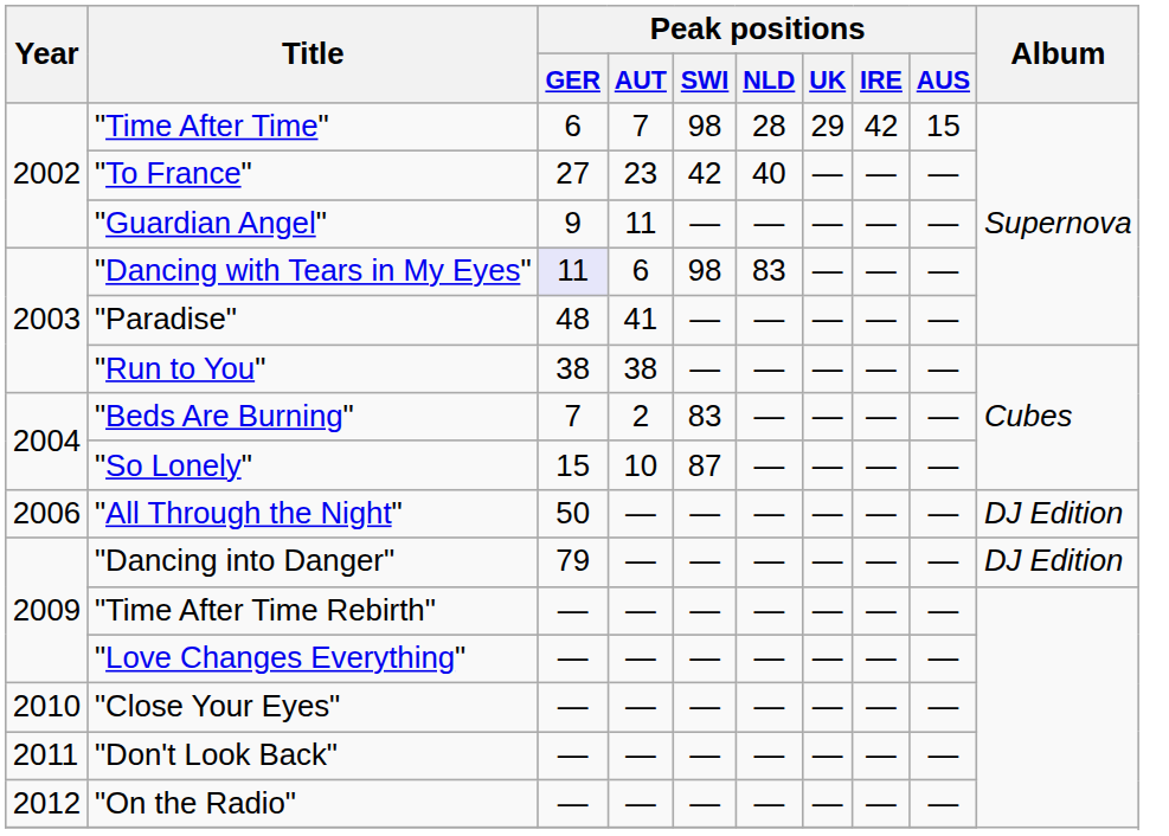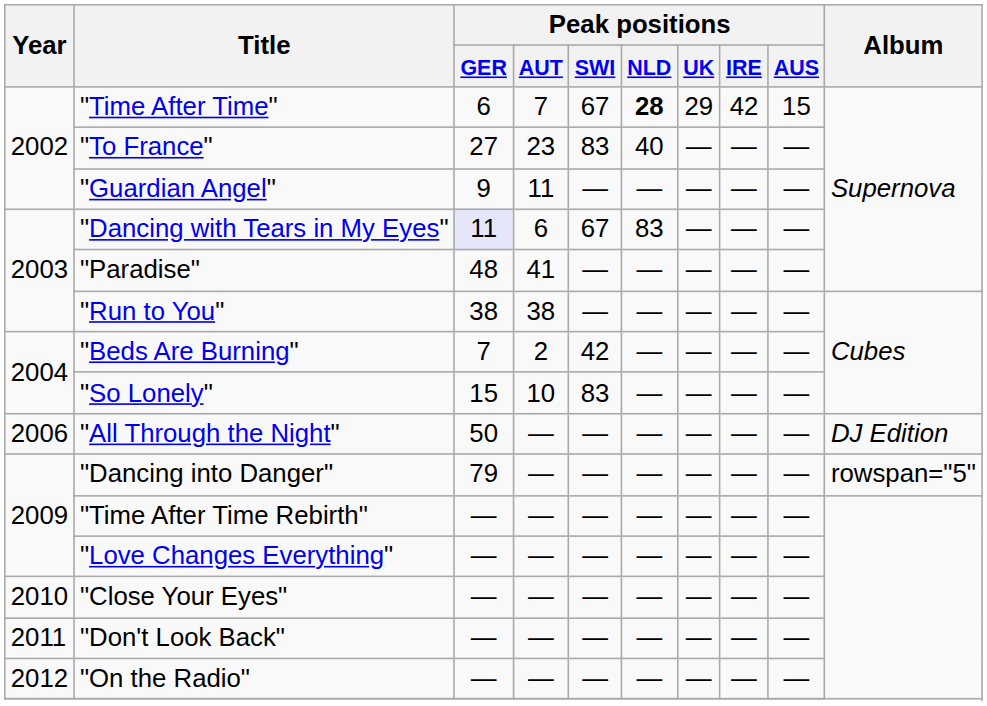 <table class="wikitable">
 <tr>
 <th rowspan="2">Year</th>
 <th rowspan="2">Title</th>
 <th colspan="7">Peak positions</th>
 <th rowspan="2">Album</th>
 </tr>
 <tr>
 <th rowspan="1"><small><a href='#'>GER</a></small><br></th>
 <th rowspan="1"><small><a href='#'>AUT</a></small><br></th>
 <th rowspan="1"><small><a href='#'>SWI</a></small><br></th>
 <th rowspan="1"><small><a href='#'>NLD</a></small><br></th>
 <th rowspan="1"><small><a href='#'>UK</a></small><br></th>
 <th rowspan="1"><small><a href='#'>IRE</a></small><br></th>
 <th rowspan="1"><small><a href='#'>AUS</a></small><br></th>
 </tr>
 <tr>
 <td rowspan="3">2002</td>
 <td>"<a href='#'>Time After Time</a>"</td>
 <td align="center">6</td>
 <td align="center">7</td>
-<td align="center">98</td>
-<td align="center">28</td>
+<td align="center">67</td>
+<td align="center"><strong>28</strong></td>
 <td align="center">29</td>
 <td align="center">42</td>
 <td align="center">15</td>
 <td rowspan="5"><em>Supernova</em></td>
 </tr>
 <tr>
 <td>"<a href='#'>To France</a>"</td>
 <td align="center">27</td>
 <td align="center">23</td>
-<td align="center">42</td>
+<td align="center">83</td>
 <td align="center">40</td>
 <td align="center">—</td>
 <td align="center">—</td>
 <td align="center">—</td>
 </tr>
 <tr>
 <td>"<a href='#'>Guardian Angel</a>"</td>
 <td align="center">9</td>
 <td align="center">11</td>
 <td align="center">—</td>
 <td align="center">—</td>
 <td align="center">—</td>
 <td align="center">—</td>
 <td align="center">—</td>
 </tr>
 <tr>
 <td rowspan="3">2003</td>
 <td>"<a href='#'>Dancing with Tears in My Eyes</a>"</td>
 <td align="center" style="background: lavender;">11</td>
 <td align="center">6</td>
-<td align="center">98</td>
+<td align="center">67</td>
 <td align="center">83</td>
 <td align="center">—</td>
 <td align="center">—</td>
 <td align="center">—</td>
 </tr>
 <tr>
 <td>"Paradise"</td>
 <td align="center">48</td>
 <td align="center">41</td>
 <td align="center">—</td>
 <td align="center">—</td>
 <td align="center">—</td>
 <td align="center">—</td>
 <td align="center">—</td>
 </tr>
 <tr>
 <td>"<a href='#'>Run to You</a>"</td>
 <td align="center">38</td>
 <td align="center">38</td>
 <td align="center">—</td>
 <td align="center">—</td>
 <td align="center">—</td>
 <td align="center">—</td>
 <td align="center">—</td>
 <td rowspan="3"><em>Cubes</em></td>
 </tr>
 <tr>
 <td rowspan="2">2004</td>
 <td>"<a href='#'>Beds Are Burning</a>"</td>
 <td align="center">7</td>
 <td align="center">2</td>
-<td align="center">83</td>
+<td align="center">42</td>
 <td align="center">—</td>
 <td align="center">—</td>
 <td align="center">—</td>
 <td align="center">—</td>
 </tr>
 <tr>
 <td>"<a href='#'>So Lonely</a>"</td>
 <td align="center">15</td>
 <td align="center">10</td>
-<td align="center">87</td>
+<td align="center">83</td>
 <td align="center">—</td>
 <td align="center">—</td>
 <td align="center">—</td>
 <td align="center">—</td>
 </tr>
 <tr>
 <td>2006</td>
 <td>"<a href='#'>All Through the Night</a>"</td>
 <td align="center">50</td>
 <td align="center">—</td>
 <td align="center">—</td>
 <td align="center">—</td>
 <td align="center">—</td>
 <td align="center">—</td>
 <td align="center">—</td>
 <td><em>DJ Edition</em></td>
 </tr>
 <tr>
 <td rowspan="3">2009</td>
 <td>"Dancing into Danger"</td>
 <td align="center">79</td>
 <td align="center">—</td>
 <td align="center">—</td>
 <td align="center">—</td>
 <td align="center">—</td>
 <td align="center">—</td>
 <td align="center">—</td>
-<td><em>DJ Edition</em></td>
+<td>rowspan="5" </td>
 </tr>
 <tr>
 <td>"Time After Time Rebirth"</td>
 <td align="center">—</td>
 <td align="center">—</td>
 <td align="center">—</td>
 <td align="center">—</td>
 <td align="center">—</td>
 <td align="center">—</td>
 <td align="center">—</td>
 </tr>
 <tr>
 <td>"<a href='#'>Love Changes Everything</a>"</td>
 <td align="center">—</td>
 <td align="center">—</td>
 <td align="center">—</td>
 <td align="center">—</td>
 <td align="center">—</td>
 <td align="center">—</td>
 <td align="center">—</td>
 </tr>
 <tr>
 <td>2010</td>
 <td>"Close Your Eyes"</td>
 <td align="center">—</td>
 <td align="center">—</td>
 <td align="center">—</td>
 <td align="center">—</td>
 <td align="center">—</td>
 <td align="center">—</td>
 <td align="center">—</td>
 </tr>
 <tr>
 <td>2011</td>
 <td>"Don't Look Back"</td>
 <td align="center">—</td>
 <td align="center">—</td>
 <td align="center">—</td>
 <td align="center">—</td>
 <td align="center">—</td>
 <td align="center">—</td>
 <td align="center">—</td>
 </tr>
 <tr>
 <td>2012</td>
 <td>"On the Radio"</td>
 <td align="center">—</td>
 <td align="center">—</td>
 <td align="center">—</td>
 <td align="center">—</td>
 <td align="center">—</td>
 <td align="center">—</td>
 <td align="center">—</td>
 </tr>
 <tr>
 </tr>
 </table>
